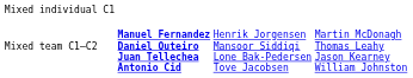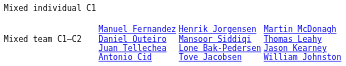 <table>
 <tr>
 <td>Mixed individual C1<br></td>
 <td></td>
 <td></td>
 <td></td>
 </tr>
 <tr>
 <td>Mixed team C1–C2<br></td>
-<td valign=top><strong> <br> <a href='#'>Manuel Fernandez</a> <br> <a href='#'>Daniel Outeiro</a> <br> <a href='#'>Juan Tellechea</a> <br> <a href='#'>Antonio Cid</a></strong></td>
+<td valign=top> <br> <a href='#'>Manuel Fernandez</a> <br> <a href='#'>Daniel Outeiro</a> <br> <a href='#'>Juan Tellechea</a> <br> <a href='#'>Antonio Cid</a></td>
 <td valign=top> <br> <a href='#'>Henrik Jorgensen</a> <br> <a href='#'>Mansoor Siddiqi</a> <br> <a href='#'>Lone Bak-Pedersen</a> <br> <a href='#'>Tove Jacobsen</a></td>
 <td valign=top> <br> <a href='#'>Martin McDonagh</a> <br> <a href='#'>Thomas Leahy</a> <br> <a href='#'>Jason Kearney</a> <br> <a href='#'>William Johnston</a></td>
 </tr>
 </table>
